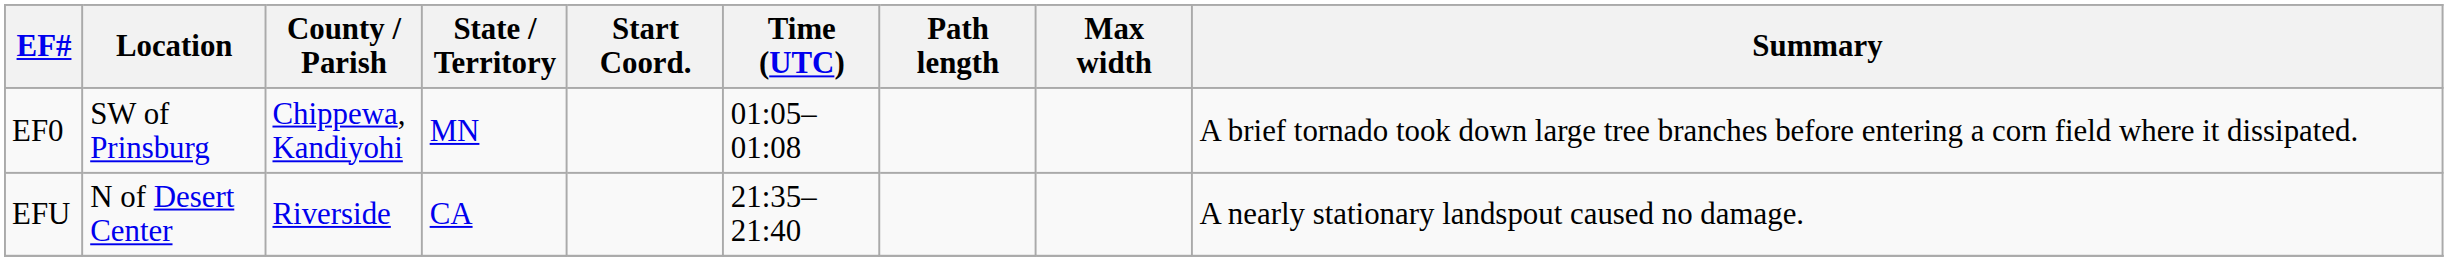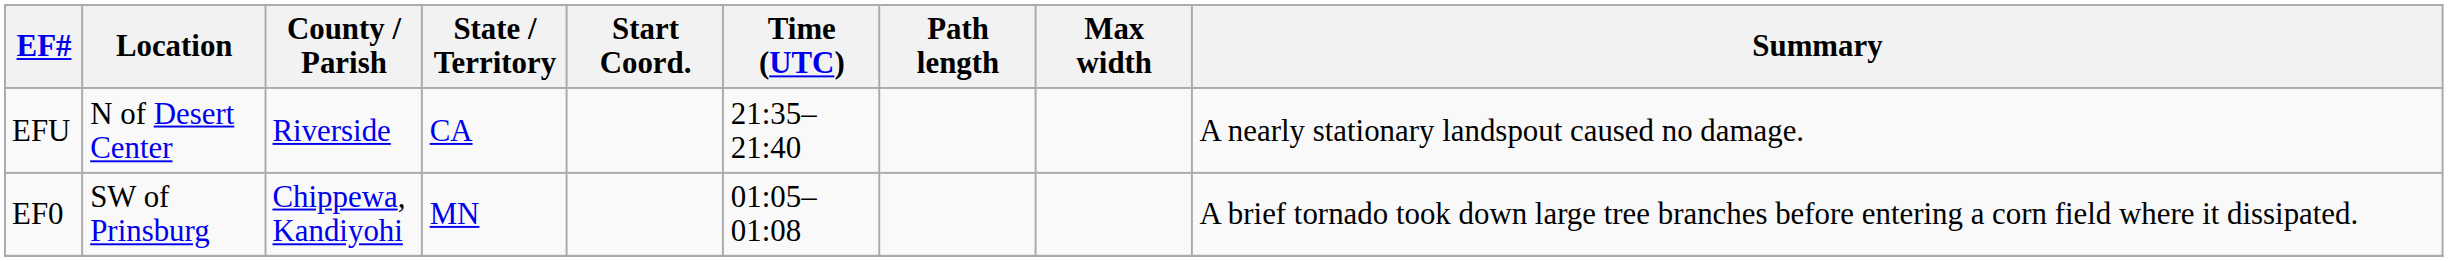 <table class="wikitable sortable" style="width:100%;">
 <tr>
 <th scope="col"  style="width:3%; text-align:center;"><a href='#'>EF#</a></th>
 <th scope="col"  style="width:7%; text-align:center;" class="unsortable">Location</th>
 <th scope="col"  style="width:6%; text-align:center;" class="unsortable">County / Parish</th>
 <th scope="col"  style="width:5%; text-align:center;">State / Territory</th>
 <th scope="col"  style="width:6%; text-align:center;">Start Coord.</th>
 <th scope="col"  style="width:6%; text-align:center;">Time (<a href='#'>UTC</a>)</th>
 <th scope="col"  style="width:6%; text-align:center;">Path length</th>
 <th scope="col"  style="width:6%; text-align:center;">Max width</th>
 <th scope="col" class="unsortable" style="width:48%; text-align:center;">Summary</th>
 </tr>
 <tr>
+<td>EFU</td>
+<td>N of <a href='#'>Desert Center</a></td>
+<td><a href='#'>Riverside</a></td>
+<td><a href='#'>CA</a></td>
+<td></td>
+<td>21:35–21:40</td>
+<td></td>
+<td></td>
+<td>A nearly stationary landspout caused no damage.</td>
+</tr>
+<tr>
 <td>EF0</td>
 <td>SW of <a href='#'>Prinsburg</a></td>
 <td><a href='#'>Chippewa</a>, <a href='#'>Kandiyohi</a></td>
 <td><a href='#'>MN</a></td>
 <td></td>
 <td>01:05–01:08</td>
 <td></td>
 <td></td>
 <td>A brief tornado took down large tree branches before entering a corn field where it dissipated.</td>
 </tr>
 <tr>
-<td>EFU</td>
-<td>N of <a href='#'>Desert Center</a></td>
-<td><a href='#'>Riverside</a></td>
-<td><a href='#'>CA</a></td>
-<td></td>
-<td>21:35–21:40</td>
-<td></td>
-<td></td>
-<td>A nearly stationary landspout caused no damage.</td>
-</tr>
-<tr>
 </tr>
 </table>
